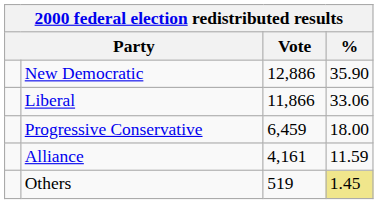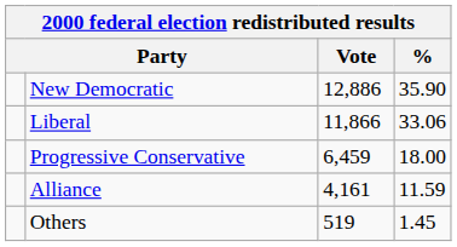 <table class="wikitable">
 <tr>
 <th colspan="4"><a href='#'>2000 federal election</a> redistributed results</th>
 </tr>
 <tr>
 <th bgcolor="#DDDDFF" width="230px" colspan="2">Party</th>
 <th bgcolor="#DDDDFF" width="50px">Vote</th>
 <th bgcolor="#DDDDFF" width="30px">%</th>
 </tr>
 <tr>
 <td> </td>
 <td><a href='#'>New Democratic</a></td>
 <td>12,886</td>
 <td>35.90</td>
 </tr>
 <tr>
 <td> </td>
 <td><a href='#'>Liberal</a></td>
 <td>11,866</td>
 <td>33.06</td>
 </tr>
 <tr>
 <td> </td>
 <td><a href='#'>Progressive Conservative</a></td>
 <td>6,459</td>
 <td>18.00</td>
 </tr>
 <tr>
 <td> </td>
 <td><a href='#'>Alliance</a></td>
 <td>4,161</td>
 <td>11.59</td>
 </tr>
 <tr>
 <td> </td>
 <td>Others</td>
 <td>519</td>
-<td style="background: khaki;">1.45</td>
+<td>1.45</td>
 </tr>
 </table>
